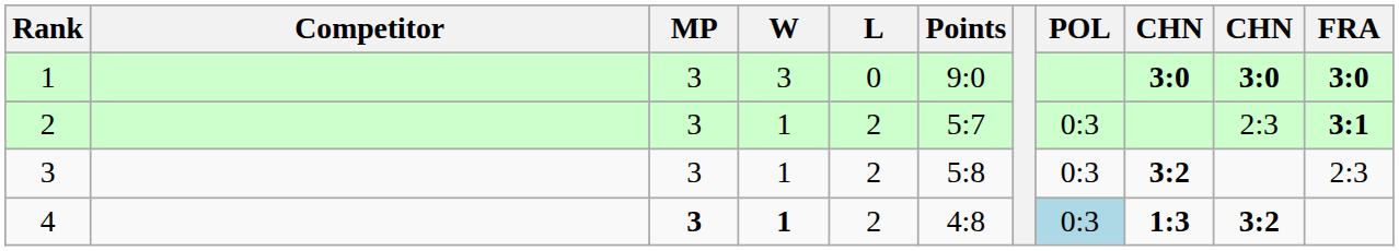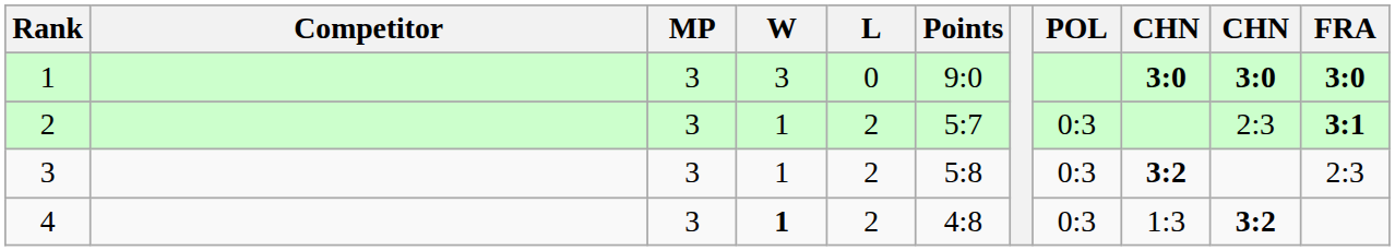 <table class="wikitable" style="text-align:center">
 <tr>
 <th>Rank</th>
 <th style="width:18em">Competitor</th>
 <th style="width:2.5em">MP</th>
 <th style="width:2.5em">W</th>
 <th style="width:2.5em">L</th>
 <th>Points</th>
 <th rowspan="5"> </th>
 <th style="width:2.5em">POL</th>
 <th style="width:2.5em">CHN</th>
 <th style="width:2.5em">CHN</th>
 <th style="width:2.5em">FRA</th>
 </tr>
 <tr style="background:#cfc;">
 <td>1</td>
 <td style="text-align:left"></td>
 <td>3</td>
 <td>3</td>
 <td>0</td>
 <td>9:0</td>
 <td></td>
 <td><strong>3:0</strong></td>
 <td><strong>3:0</strong></td>
 <td><strong>3:0</strong></td>
 </tr>
 <tr style="background:#cfc;">
 <td>2</td>
 <td style="text-align:left"></td>
 <td>3</td>
 <td>1</td>
 <td>2</td>
 <td>5:7</td>
 <td>0:3</td>
 <td></td>
 <td>2:3</td>
 <td><strong>3:1</strong></td>
 </tr>
 <tr>
 <td>3</td>
 <td style="text-align:left"></td>
 <td>3</td>
 <td>1</td>
 <td>2</td>
 <td>5:8</td>
 <td>0:3</td>
 <td><strong>3:2</strong></td>
 <td></td>
 <td>2:3</td>
 </tr>
 <tr>
 <td>4</td>
 <td style="text-align:left"></td>
-<td><strong>3</strong></td>
+<td>3</td>
 <td><strong>1</strong></td>
 <td>2</td>
 <td>4:8</td>
-<td style="background: lightblue;">0:3</td>
-<td><strong>1:3</strong></td>
+<td>0:3</td>
+<td>1:3</td>
 <td><strong>3:2</strong></td>
 <td></td>
 </tr>
 </table>
